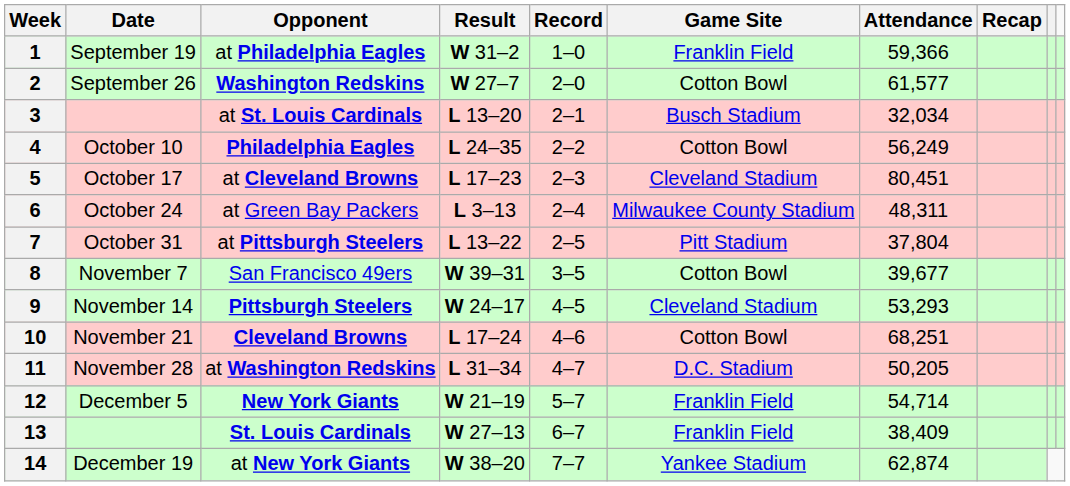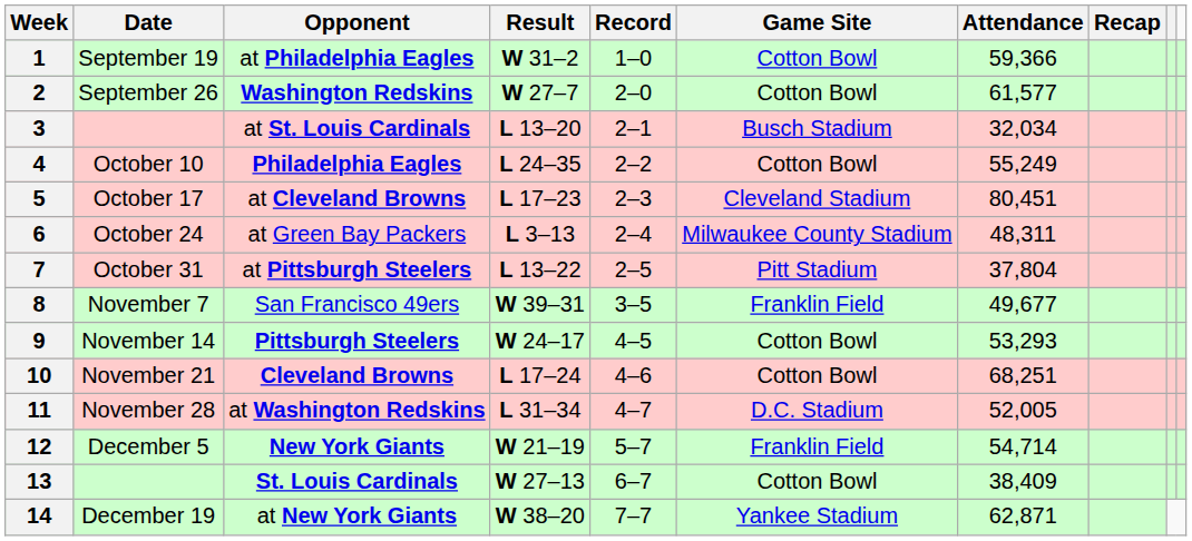 <table class="wikitable" style="text-align:center">
 <tr>
 <th>Week</th>
 <th>Date</th>
 <th>Opponent</th>
 <th>Result</th>
 <th>Record</th>
 <th>Game Site</th>
 <th>Attendance</th>
 <th>Recap</th>
 <th></th>
 </tr>
 <tr style="background: #cfc">
 <th>1</th>
 <td>September 19</td>
 <td>at <strong><a href='#'>Philadelphia Eagles</a></strong></td>
 <td><strong>W</strong> 31–2</td>
 <td>1–0</td>
-<td><a href='#'>Franklin Field</a></td>
+<td><a href='#'>Cotton Bowl</a></td>
 <td>59,366</td>
 <td></td>
 <td></td>
 <td></td>
 </tr>
 <tr style="background: #cfc">
 <th>2</th>
 <td>September 26</td>
 <td><strong><a href='#'>Washington Redskins</a></strong></td>
 <td><strong>W</strong> 27–7</td>
 <td>2–0</td>
 <td>Cotton Bowl</td>
 <td>61,577</td>
 <td></td>
 <td></td>
 <td></td>
 </tr>
 <tr style="background: #fcc">
 <th>3</th>
 <td></td>
 <td>at <strong><a href='#'>St. Louis Cardinals</a></strong></td>
 <td><strong>L</strong> 13–20</td>
 <td>2–1</td>
 <td><a href='#'>Busch Stadium</a></td>
 <td>32,034</td>
 <td></td>
 <td></td>
 <td></td>
 </tr>
 <tr style="background: #fcc">
 <th>4</th>
 <td>October 10</td>
 <td><strong><a href='#'>Philadelphia Eagles</a></strong></td>
 <td><strong>L</strong> 24–35</td>
 <td>2–2</td>
 <td>Cotton Bowl</td>
-<td>56,249</td>
+<td>55,249</td>
 <td></td>
 <td></td>
 <td></td>
 </tr>
 <tr style="background: #fcc">
 <th>5</th>
 <td>October 17</td>
 <td>at <strong><a href='#'>Cleveland Browns</a></strong></td>
 <td><strong>L</strong> 17–23</td>
 <td>2–3</td>
 <td><a href='#'>Cleveland Stadium</a></td>
 <td>80,451</td>
 <td></td>
 <td></td>
 <td></td>
 </tr>
 <tr style="background: #fcc">
 <th>6</th>
 <td>October 24</td>
 <td>at <a href='#'>Green Bay Packers</a></td>
 <td><strong>L</strong> 3–13</td>
 <td>2–4</td>
 <td><a href='#'>Milwaukee County Stadium</a></td>
 <td>48,311</td>
 <td></td>
 <td></td>
 <td></td>
 </tr>
 <tr style="background: #fcc">
 <th>7</th>
 <td>October 31</td>
 <td>at <strong><a href='#'>Pittsburgh Steelers</a></strong></td>
 <td><strong>L</strong> 13–22</td>
 <td>2–5</td>
 <td><a href='#'>Pitt Stadium</a></td>
 <td>37,804</td>
 <td></td>
 <td></td>
 <td></td>
 </tr>
 <tr style="background: #cfc">
 <th>8</th>
 <td>November 7</td>
 <td><a href='#'>San Francisco 49ers</a></td>
 <td><strong>W</strong> 39–31</td>
 <td>3–5</td>
-<td>Cotton Bowl</td>
-<td>39,677</td>
+<td><a href='#'>Franklin Field</a></td>
+<td>49,677</td>
 <td></td>
 <td></td>
 <td></td>
 </tr>
 <tr style="background: #cfc">
 <th>9</th>
 <td>November 14</td>
 <td><strong><a href='#'>Pittsburgh Steelers</a></strong></td>
 <td><strong>W</strong> 24–17</td>
 <td>4–5</td>
-<td><a href='#'>Cleveland Stadium</a></td>
+<td>Cotton Bowl</td>
 <td>53,293</td>
 <td></td>
 <td></td>
 <td></td>
 </tr>
 <tr style="background: #fcc">
 <th>10</th>
 <td>November 21</td>
 <td><strong><a href='#'>Cleveland Browns</a></strong></td>
 <td><strong>L</strong> 17–24</td>
 <td>4–6</td>
 <td>Cotton Bowl</td>
 <td>68,251</td>
 <td></td>
 <td></td>
 <td></td>
 </tr>
 <tr style="background: #fcc">
 <th>11</th>
 <td>November 28</td>
 <td>at <strong><a href='#'>Washington Redskins</a></strong></td>
 <td><strong>L</strong> 31–34</td>
 <td>4–7</td>
 <td><a href='#'>D.C. Stadium</a></td>
-<td>50,205</td>
+<td>52,005</td>
 <td></td>
 <td></td>
 <td></td>
 </tr>
 <tr style="background: #cfc">
 <th>12</th>
 <td>December 5</td>
 <td><strong><a href='#'>New York Giants</a></strong></td>
 <td><strong>W</strong> 21–19</td>
 <td>5–7</td>
 <td><a href='#'>Franklin Field</a></td>
 <td>54,714</td>
 <td></td>
 <td></td>
 <td></td>
 </tr>
 <tr style="background: #cfc">
 <th>13</th>
 <td></td>
 <td><strong><a href='#'>St. Louis Cardinals</a></strong></td>
 <td><strong>W</strong> 27–13</td>
 <td>6–7</td>
-<td><a href='#'>Franklin Field</a></td>
+<td>Cotton Bowl</td>
 <td>38,409</td>
 <td></td>
 <td></td>
 <td></td>
 </tr>
 <tr style="background: #cfc">
 <th>14</th>
 <td>December 19</td>
 <td>at <strong><a href='#'>New York Giants</a></strong></td>
 <td><strong>W</strong> 38–20</td>
 <td>7–7</td>
 <td><a href='#'>Yankee Stadium</a></td>
-<td>62,874</td>
+<td>62,871</td>
 <td></td>
 </tr>
 </table>
